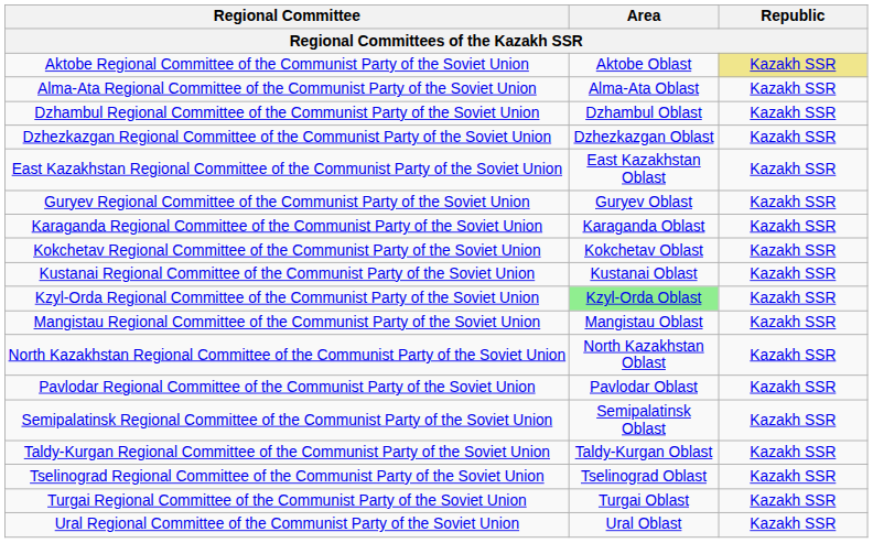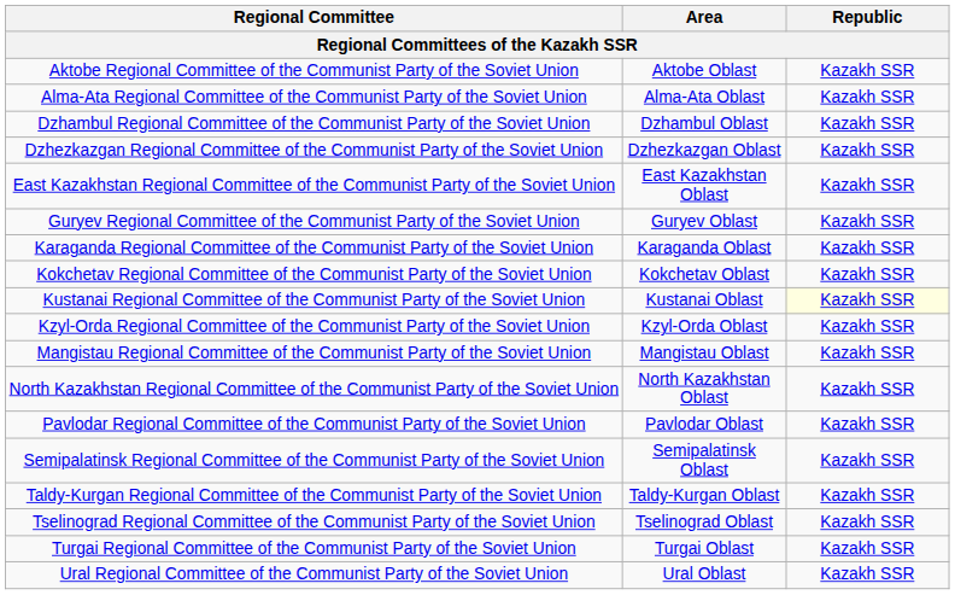 <table class="wikitable" style="text-align:center">
 <tr>
 <th>Regional Committee</th>
 <th width="150">Area</th>
 <th width="150">Republic</th>
 </tr>
 <tr>
 <th colspan="3"><strong>Regional Committees of the Kazakh SSR</strong></th>
 </tr>
 <tr>
 <td><a href='#'>Aktobe Regional Committee of the Communist Party of the Soviet Union</a></td>
 <td><a href='#'>Aktobe Oblast</a></td>
-<td style="background: khaki;"> <a href='#'>Kazakh SSR</a></td>
+<td> <a href='#'>Kazakh SSR</a></td>
 </tr>
 <tr>
 <td><a href='#'>Alma-Ata Regional Committee of the Communist Party of the Soviet Union</a></td>
 <td><a href='#'>Alma-Ata Oblast</a></td>
 <td> <a href='#'>Kazakh SSR</a></td>
 </tr>
 <tr>
 <td><a href='#'>Dzhambul Regional Committee of the Communist Party of the Soviet Union</a></td>
 <td><a href='#'>Dzhambul Oblast</a></td>
 <td> <a href='#'>Kazakh SSR</a></td>
 </tr>
 <tr>
 <td><a href='#'>Dzhezkazgan Regional Committee of the Communist Party of the Soviet Union</a></td>
 <td><a href='#'>Dzhezkazgan Oblast</a></td>
 <td> <a href='#'>Kazakh SSR</a></td>
 </tr>
 <tr>
 <td><a href='#'>East Kazakhstan Regional Committee of the Communist Party of the Soviet Union</a></td>
 <td><a href='#'>East Kazakhstan Oblast</a></td>
 <td> <a href='#'>Kazakh SSR</a></td>
 </tr>
 <tr>
 <td><a href='#'>Guryev Regional Committee of the Communist Party of the Soviet Union</a></td>
 <td><a href='#'>Guryev Oblast</a></td>
 <td> <a href='#'>Kazakh SSR</a></td>
 </tr>
 <tr>
 <td><a href='#'>Karaganda Regional Committee of the Communist Party of the Soviet Union</a></td>
 <td><a href='#'>Karaganda Oblast</a></td>
 <td> <a href='#'>Kazakh SSR</a></td>
 </tr>
 <tr>
 <td><a href='#'>Kokchetav Regional Committee of the Communist Party of the Soviet Union</a></td>
 <td><a href='#'>Kokchetav Oblast</a></td>
 <td> <a href='#'>Kazakh SSR</a></td>
 </tr>
 <tr>
 <td><a href='#'>Kustanai Regional Committee of the Communist Party of the Soviet Union</a></td>
 <td><a href='#'>Kustanai Oblast</a></td>
-<td> <a href='#'>Kazakh SSR</a></td>
+<td style="background: lightyellow;"> <a href='#'>Kazakh SSR</a></td>
 </tr>
 <tr>
 <td><a href='#'>Kzyl-Orda Regional Committee of the Communist Party of the Soviet Union</a></td>
-<td style="background: lightgreen;"><a href='#'>Kzyl-Orda Oblast</a></td>
+<td><a href='#'>Kzyl-Orda Oblast</a></td>
 <td> <a href='#'>Kazakh SSR</a></td>
 </tr>
 <tr>
 <td><a href='#'>Mangistau Regional Committee of the Communist Party of the Soviet Union</a></td>
 <td><a href='#'>Mangistau Oblast</a></td>
 <td> <a href='#'>Kazakh SSR</a></td>
 </tr>
 <tr>
 <td><a href='#'>North Kazakhstan Regional Committee of the Communist Party of the Soviet Union</a></td>
 <td><a href='#'>North Kazakhstan Oblast</a></td>
 <td> <a href='#'>Kazakh SSR</a></td>
 </tr>
 <tr>
 <td><a href='#'>Pavlodar Regional Committee of the Communist Party of the Soviet Union</a></td>
 <td><a href='#'>Pavlodar Oblast</a></td>
 <td> <a href='#'>Kazakh SSR</a></td>
 </tr>
 <tr>
 <td><a href='#'>Semipalatinsk Regional Committee of the Communist Party of the Soviet Union</a></td>
 <td><a href='#'>Semipalatinsk Oblast</a></td>
 <td> <a href='#'>Kazakh SSR</a></td>
 </tr>
 <tr>
 <td><a href='#'>Taldy-Kurgan Regional Committee of the Communist Party of the Soviet Union</a></td>
 <td><a href='#'>Taldy-Kurgan Oblast</a></td>
 <td> <a href='#'>Kazakh SSR</a></td>
 </tr>
 <tr>
 <td><a href='#'>Tselinograd Regional Committee of the Communist Party of the Soviet Union</a></td>
 <td><a href='#'>Tselinograd Oblast</a></td>
 <td> <a href='#'>Kazakh SSR</a></td>
 </tr>
 <tr>
 <td><a href='#'>Turgai Regional Committee of the Communist Party of the Soviet Union</a></td>
 <td><a href='#'>Turgai Oblast</a></td>
 <td> <a href='#'>Kazakh SSR</a></td>
 </tr>
 <tr>
 <td><a href='#'>Ural Regional Committee of the Communist Party of the Soviet Union</a></td>
 <td><a href='#'>Ural Oblast</a></td>
 <td> <a href='#'>Kazakh SSR</a></td>
 </tr>
 </table>
